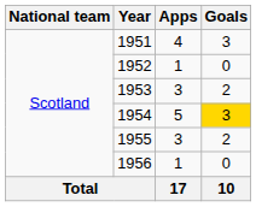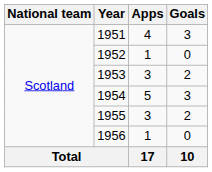 <table class=wikitable style="text-align:center">
 <tr>
 <th>National team</th>
 <th>Year</th>
 <th>Apps</th>
 <th>Goals</th>
 </tr>
 <tr>
 <td rowspan="6"><a href='#'>Scotland</a></td>
 <td>1951</td>
 <td>4</td>
 <td>3</td>
 </tr>
 <tr>
 <td>1952</td>
 <td>1</td>
 <td>0</td>
 </tr>
 <tr>
 <td>1953</td>
 <td>3</td>
 <td>2</td>
 </tr>
 <tr>
 <td>1954</td>
 <td>5</td>
-<td style="background: gold;">3</td>
+<td>3</td>
 </tr>
 <tr>
 <td>1955</td>
 <td>3</td>
 <td>2</td>
 </tr>
 <tr>
 <td>1956</td>
 <td>1</td>
 <td>0</td>
 </tr>
 <tr>
 <th colspan="2">Total</th>
 <th>17</th>
 <th>10</th>
 </tr>
 </table>
